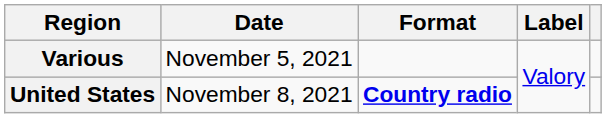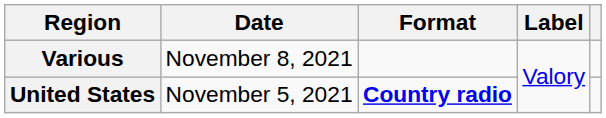 <table class="wikitable plainrowheaders">
 <tr>
 <th scope="col">Region</th>
 <th scope="col">Date</th>
 <th scope="col">Format</th>
 <th scope="col">Label</th>
 <th scope="col"></th>
 </tr>
 <tr>
 <th scope="row">Various</th>
-<td>November 5, 2021</td>
+<td>November 8, 2021</td>
 <td></td>
 <td rowspan="2"><a href='#'>Valory</a></td>
 <td></td>
 </tr>
 <tr>
 <th scope="row">United States</th>
-<td>November 8, 2021</td>
+<td>November 5, 2021</td>
 <td><strong><a href='#'>Country radio</a></strong></td>
 <td></td>
 </tr>
 </table>
